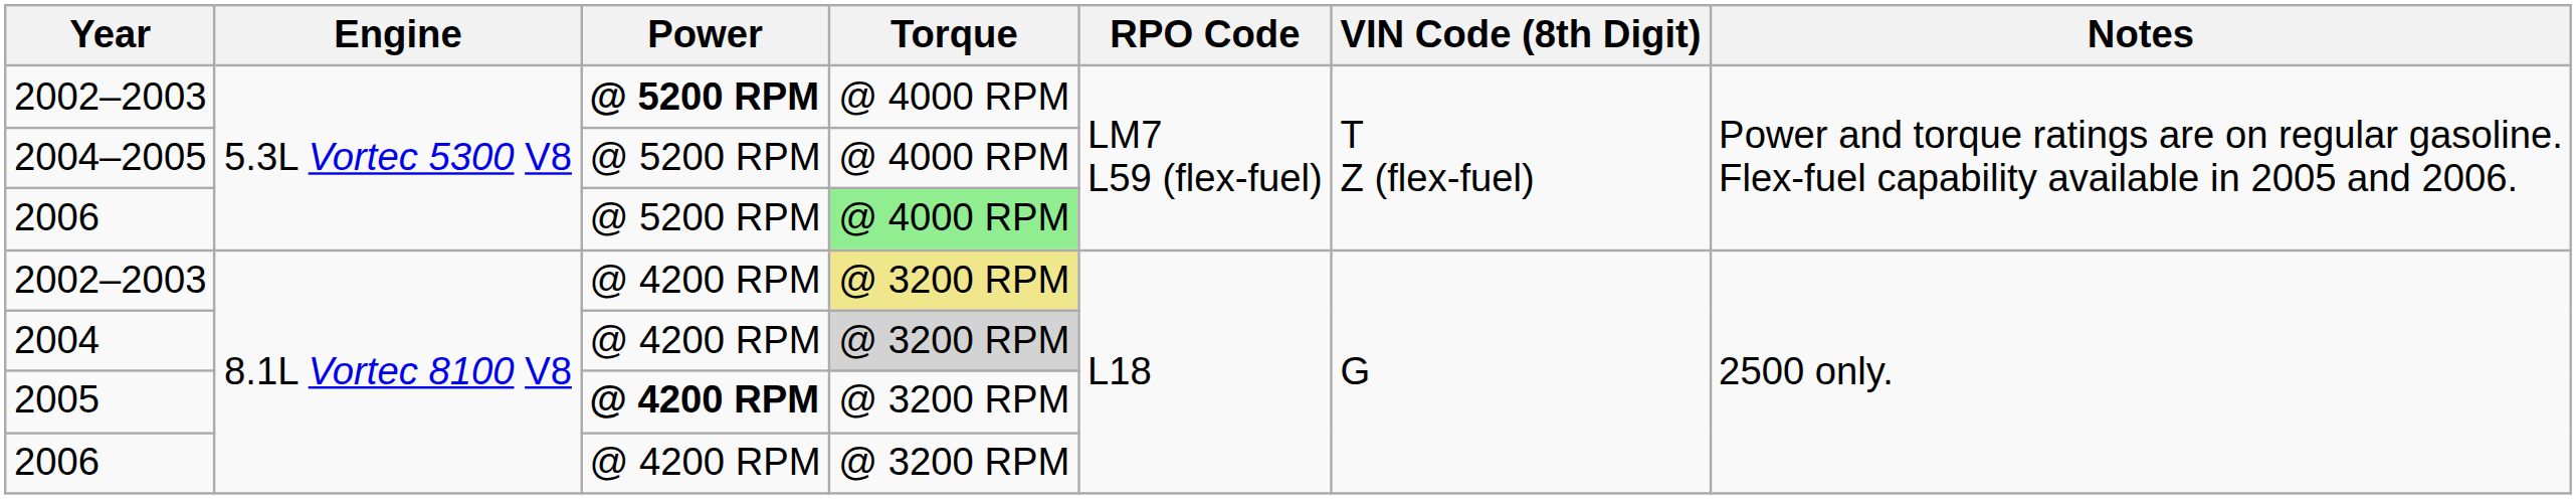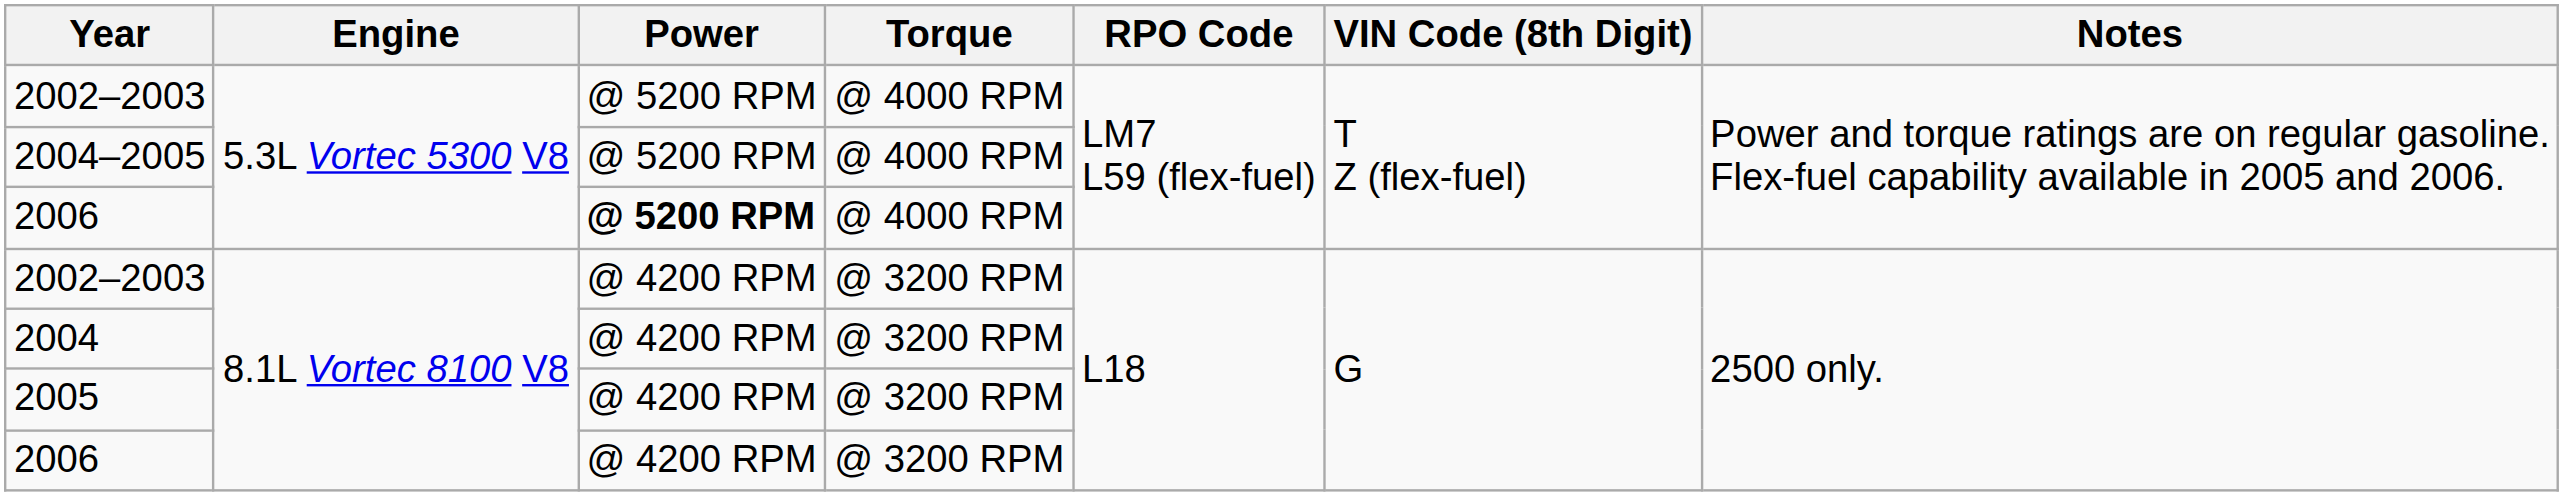 <table class="wikitable">
 <tr>
 <th>Year</th>
 <th>Engine</th>
 <th>Power</th>
 <th>Torque</th>
 <th>RPO Code</th>
 <th>VIN Code (8th Digit)</th>
 <th>Notes</th>
 </tr>
 <tr>
 <td>2002–2003</td>
 <td rowspan="3">5.3L <em><a href='#'>Vortec 5300</a></em> <a href='#'>V8</a></td>
-<td><strong> @ 5200 RPM</strong></td>
+<td> @ 5200 RPM</td>
 <td> @ 4000 RPM</td>
 <td rowspan="3">LM7<br>L59 (flex-fuel)</td>
 <td rowspan="3">T<br>Z (flex-fuel)</td>
 <td rowspan="3">Power and torque ratings are on regular gasoline.<br>Flex-fuel capability available in 2005 and 2006.</td>
 </tr>
 <tr>
 <td>2004–2005</td>
 <td> @ 5200 RPM</td>
 <td> @ 4000 RPM</td>
 </tr>
 <tr>
 <td>2006</td>
-<td> @ 5200 RPM</td>
-<td style="background: lightgreen;"> @ 4000 RPM</td>
+<td><strong> @ 5200 RPM</strong></td>
+<td> @ 4000 RPM</td>
 </tr>
 <tr>
 <td>2002–2003</td>
 <td rowspan="4">8.1L <em><a href='#'>Vortec 8100</a></em> <a href='#'>V8</a></td>
 <td> @ 4200 RPM</td>
-<td style="background: khaki;"> @ 3200 RPM</td>
+<td> @ 3200 RPM</td>
 <td rowspan="4">L18</td>
 <td rowspan="4">G</td>
 <td rowspan="4">2500 only.</td>
 </tr>
 <tr>
 <td>2004</td>
 <td> @ 4200 RPM</td>
-<td style="background: lightgrey;"> @ 3200 RPM</td>
+<td> @ 3200 RPM</td>
 </tr>
 <tr>
 <td>2005</td>
-<td><strong> @ 4200 RPM</strong></td>
+<td> @ 4200 RPM</td>
 <td> @ 3200 RPM</td>
 </tr>
 <tr>
 <td>2006</td>
 <td> @ 4200 RPM</td>
 <td> @ 3200 RPM</td>
 </tr>
 </table>
